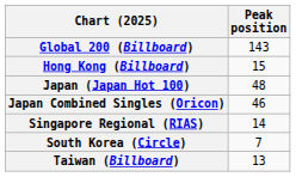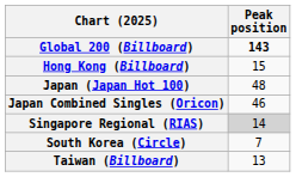 <table class="wikitable sortable plainrowheaders" style="text-align:center">
 <tr>
 <th scope="col">Chart (2025)</th>
 <th scope="col">Peak<br>position</th>
 </tr>
 <tr>
 <th scope="row"><a href='#'>Global 200</a> (<em><a href='#'>Billboard</a></em>)</th>
-<td>143</td>
+<td><strong>143</strong></td>
 </tr>
 <tr>
 <th scope="row"><a href='#'>Hong Kong</a> (<em><a href='#'>Billboard</a></em>)</th>
 <td>15</td>
 </tr>
 <tr>
 <th scope="row">Japan (<a href='#'>Japan Hot 100</a>)</th>
 <td>48</td>
 </tr>
 <tr>
 <th scope="row">Japan Combined Singles (<a href='#'>Oricon</a>)</th>
 <td>46</td>
 </tr>
 <tr>
 <th scope="row">Singapore Regional (<a href='#'>RIAS</a>)</th>
-<td>14</td>
+<td style="background: lightgrey;">14</td>
 </tr>
 <tr>
 <th scope="row">South Korea (<a href='#'>Circle</a>)</th>
 <td>7</td>
 </tr>
 <tr>
 <th scope="row">Taiwan (<em><a href='#'>Billboard</a></em>)</th>
 <td>13</td>
 </tr>
 </table>
